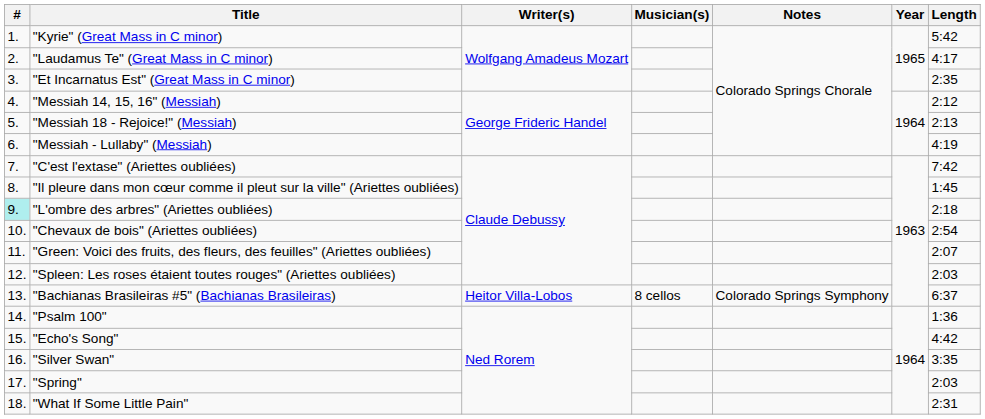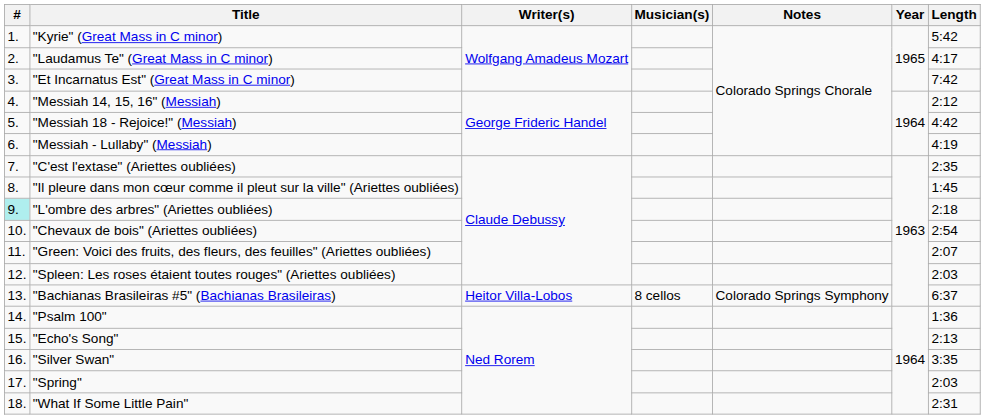 <table class="wikitable">
 <tr>
 <th>#</th>
 <th>Title</th>
 <th>Writer(s)</th>
 <th>Musician(s)</th>
 <th>Notes</th>
 <th>Year</th>
 <th>Length</th>
 </tr>
 <tr>
 <td>1.</td>
 <td>"Kyrie" (<a href='#'>Great Mass in C minor</a>)</td>
 <td rowspan="3"><a href='#'>Wolfgang Amadeus Mozart</a></td>
 <td></td>
 <td rowspan="6">Colorado Springs Chorale</td>
 <td rowspan="3">1965</td>
 <td>5:42</td>
 </tr>
 <tr>
 <td>2.</td>
 <td>"Laudamus Te" (<a href='#'>Great Mass in C minor</a>)</td>
 <td></td>
 <td>4:17</td>
 </tr>
 <tr>
 <td>3.</td>
 <td>"Et Incarnatus Est" (<a href='#'>Great Mass in C minor</a>)</td>
 <td></td>
-<td>2:35</td>
+<td>7:42</td>
 </tr>
 <tr>
 <td>4.</td>
 <td>"Messiah 14, 15, 16" (<a href='#'>Messiah</a>)</td>
 <td rowspan="3"><a href='#'>George Frideric Handel</a></td>
 <td></td>
 <td rowspan="3">1964</td>
 <td>2:12</td>
 </tr>
 <tr>
 <td>5.</td>
 <td>"Messiah 18 - Rejoice!" (<a href='#'>Messiah</a>)</td>
 <td></td>
-<td>2:13</td>
+<td>4:42</td>
 </tr>
 <tr>
 <td>6.</td>
 <td>"Messiah - Lullaby" (<a href='#'>Messiah</a>)</td>
 <td></td>
 <td>4:19</td>
 </tr>
 <tr>
 <td>7.</td>
 <td>"C'est l'extase" (Ariettes oubliées)</td>
 <td rowspan="6"><a href='#'>Claude Debussy</a></td>
 <td></td>
 <td></td>
 <td rowspan="7">1963</td>
-<td>7:42</td>
+<td>2:35</td>
 </tr>
 <tr>
 <td>8.</td>
 <td>"Il pleure dans mon cœur comme il pleut sur la ville" (Ariettes oubliées)</td>
 <td></td>
 <td></td>
 <td>1:45</td>
 </tr>
 <tr>
 <td style="background: paleturquoise;">9.</td>
 <td>"L'ombre des arbres" (Ariettes oubliées)</td>
 <td></td>
 <td></td>
 <td>2:18</td>
 </tr>
 <tr>
 <td>10.</td>
 <td>"Chevaux de bois" (Ariettes oubliées)</td>
 <td></td>
 <td></td>
 <td>2:54</td>
 </tr>
 <tr>
 <td>11.</td>
 <td>"Green: Voici des fruits, des fleurs, des feuilles" (Ariettes oubliées)</td>
 <td></td>
 <td></td>
 <td>2:07</td>
 </tr>
 <tr>
 <td>12.</td>
 <td>"Spleen: Les roses étaient toutes rouges" (Ariettes oubliées)</td>
 <td></td>
 <td></td>
 <td>2:03</td>
 </tr>
 <tr>
 <td>13.</td>
 <td>"Bachianas Brasileiras #5" (<a href='#'>Bachianas Brasileiras</a>)</td>
 <td><a href='#'>Heitor Villa-Lobos</a></td>
 <td>8 cellos</td>
 <td>Colorado Springs Symphony</td>
 <td>6:37</td>
 </tr>
 <tr>
 <td>14.</td>
 <td>"Psalm 100"</td>
 <td rowspan="5"><a href='#'>Ned Rorem</a></td>
 <td></td>
 <td></td>
 <td rowspan="5">1964</td>
 <td>1:36</td>
 </tr>
 <tr>
 <td>15.</td>
 <td>"Echo's Song"</td>
 <td></td>
 <td></td>
-<td>4:42</td>
+<td>2:13</td>
 </tr>
 <tr>
 <td>16.</td>
 <td>"Silver Swan"</td>
 <td></td>
 <td></td>
 <td>3:35</td>
 </tr>
 <tr>
 <td>17.</td>
 <td>"Spring"</td>
 <td></td>
 <td></td>
 <td>2:03</td>
 </tr>
 <tr>
 <td>18.</td>
 <td>"What If Some Little Pain"</td>
 <td></td>
 <td></td>
 <td>2:31</td>
 </tr>
 </table>
